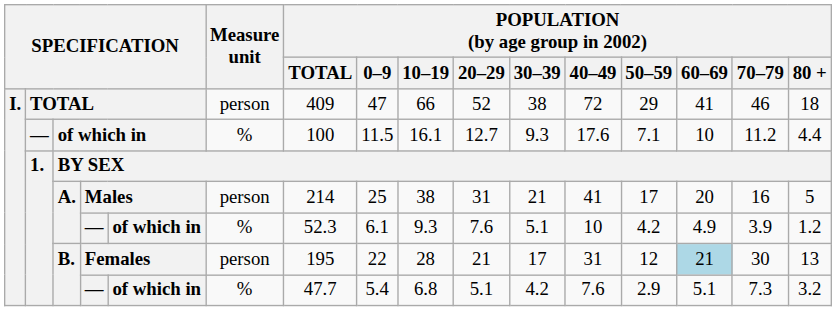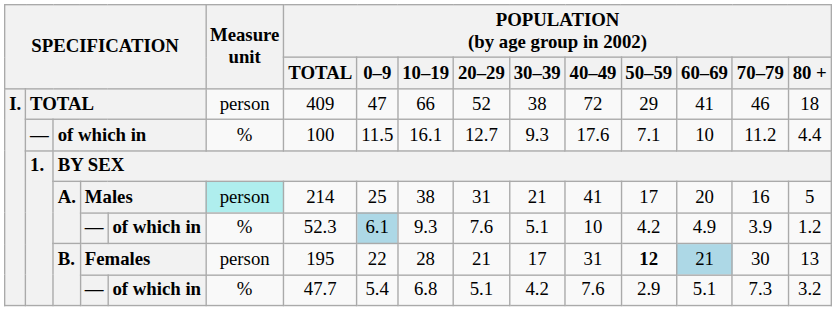 <table class="wikitable" style="font-size:85%; text-align:center">
 <tr>
 <th rowspan="2" colspan="5">SPECIFICATION</th>
 <th rowspan="2">Measure<br> unit</th>
 <th colspan="10" rowspan="1">POPULATION<br> (by age group in 2002)</th>
 </tr>
 <tr>
 <th>TOTAL</th>
 <th>0–9</th>
 <th>10–19</th>
 <th>20–29</th>
 <th>30–39</th>
 <th>40–49</th>
 <th>50–59</th>
 <th>60–69</th>
 <th>70–79</th>
 <th>80 +</th>
 </tr>
 <tr>
 <th style="text-align:left" valign="top" rowspan="7">I.</th>
 <th style="text-align:left" colspan="4">TOTAL</th>
 <td>person</td>
 <td>409</td>
 <td>47</td>
 <td>66</td>
 <td>52</td>
 <td>38</td>
 <td>72</td>
 <td>29</td>
 <td>41</td>
 <td>46</td>
 <td>18</td>
 </tr>
 <tr>
 <th style="text-align:left" valign="top">—</th>
 <th style="text-align:left" colspan="3">of which in</th>
 <td>%</td>
 <td>100</td>
 <td>11.5</td>
 <td>16.1</td>
 <td>12.7</td>
 <td>9.3</td>
 <td>17.6</td>
 <td>7.1</td>
 <td>10</td>
 <td>11.2</td>
 <td>4.4</td>
 </tr>
 <tr>
 <th style="text-align:left" valign="top" rowspan="5">1.</th>
 <th style="text-align:left" colspan="14">BY SEX</th>
 </tr>
 <tr>
 <th style="text-align:left" valign="top" rowspan="2">A.</th>
 <th style="text-align:left" colspan="2">Males</th>
-<td>person</td>
+<td style="background: paleturquoise;">person</td>
 <td>214</td>
 <td>25</td>
 <td>38</td>
 <td>31</td>
 <td>21</td>
 <td>41</td>
 <td>17</td>
 <td>20</td>
 <td>16</td>
 <td>5</td>
 </tr>
 <tr>
 <th style="text-align:left" valign="top">—</th>
 <th style="text-align:left" colspan="1">of which in</th>
 <td>%</td>
 <td>52.3</td>
-<td>6.1</td>
+<td style="background: lightblue;">6.1</td>
 <td>9.3</td>
 <td>7.6</td>
 <td>5.1</td>
 <td>10</td>
 <td>4.2</td>
 <td>4.9</td>
 <td>3.9</td>
 <td>1.2</td>
 </tr>
 <tr>
 <th style="text-align:left" valign="top" rowspan="2">B.</th>
 <th style="text-align:left" colspan="2">Females</th>
 <td>person</td>
 <td>195</td>
 <td>22</td>
 <td>28</td>
 <td>21</td>
 <td>17</td>
 <td>31</td>
-<td>12</td>
+<td><strong>12</strong></td>
 <td style="background: lightblue;">21</td>
 <td>30</td>
 <td>13</td>
 </tr>
 <tr>
 <th style="text-align:left" valign="top">—</th>
 <th style="text-align:left" colspan="1">of which in</th>
 <td>%</td>
 <td>47.7</td>
 <td>5.4</td>
 <td>6.8</td>
 <td>5.1</td>
 <td>4.2</td>
 <td>7.6</td>
 <td>2.9</td>
 <td>5.1</td>
 <td>7.3</td>
 <td>3.2</td>
 </tr>
 </table>
